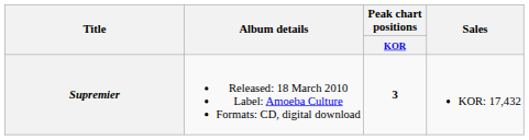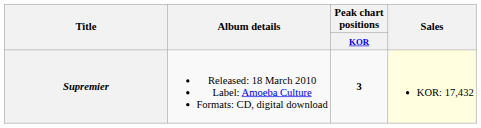 <table class="wikitable plainrowheaders" style="text-align:center;">
 <tr>
 <th scope="col" rowspan="2" style="width:15em;">Title</th>
 <th scope="col" rowspan="2">Album details</th>
 <th scope="col" colspan="1" style="width:5em;">Peak chart positions</th>
 <th rowspan="2">Sales</th>
 </tr>
 <tr>
 <th><small><a href='#'>KOR</a></small><br></th>
 </tr>
 <tr>
 <th scope="row"><em>Supremier</em></th>
 <td><br><ul><li>Released: 18 March 2010</li><li>Label: <a href='#'>Amoeba Culture</a></li><li>Formats: CD, digital download</li></ul></td>
 <td><strong>3</strong></td>
-<td><br><ul><li>KOR: 17,432</li></ul></td>
+<td style="background: lightyellow;"><br><ul><li>KOR: 17,432</li></ul></td>
 </tr>
 </table>
